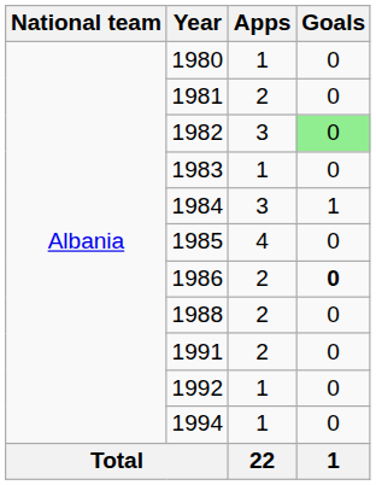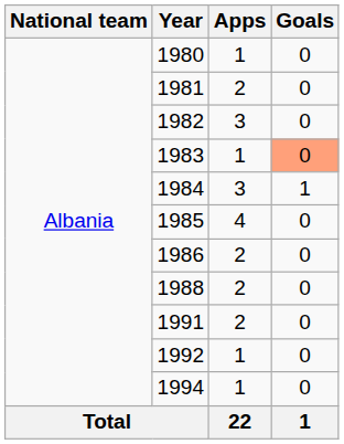 <table class=wikitable style="text-align: center;">
 <tr>
 <th>National team</th>
 <th>Year</th>
 <th>Apps</th>
 <th>Goals</th>
 </tr>
 <tr>
 <td rowspan=11><a href='#'>Albania</a></td>
 <td>1980</td>
 <td>1</td>
 <td>0</td>
 </tr>
 <tr>
 <td>1981</td>
 <td>2</td>
 <td>0</td>
 </tr>
 <tr>
 <td>1982</td>
 <td>3</td>
-<td style="background: lightgreen;">0</td>
+<td>0</td>
 </tr>
 <tr>
 <td>1983</td>
 <td>1</td>
-<td>0</td>
+<td style="background: lightsalmon;">0</td>
 </tr>
 <tr>
 <td>1984</td>
 <td>3</td>
 <td>1</td>
 </tr>
 <tr>
 <td>1985</td>
 <td>4</td>
 <td>0</td>
 </tr>
 <tr>
 <td>1986</td>
 <td>2</td>
-<td><strong>0</strong></td>
+<td>0</td>
 </tr>
 <tr>
 <td>1988</td>
 <td>2</td>
 <td>0</td>
 </tr>
 <tr>
 <td>1991</td>
 <td>2</td>
 <td>0</td>
 </tr>
 <tr>
 <td>1992</td>
 <td>1</td>
 <td>0</td>
 </tr>
 <tr>
 <td>1994</td>
 <td>1</td>
 <td>0</td>
 </tr>
 <tr>
 <th colspan=2>Total</th>
 <th>22</th>
 <th>1</th>
 </tr>
 </table>
